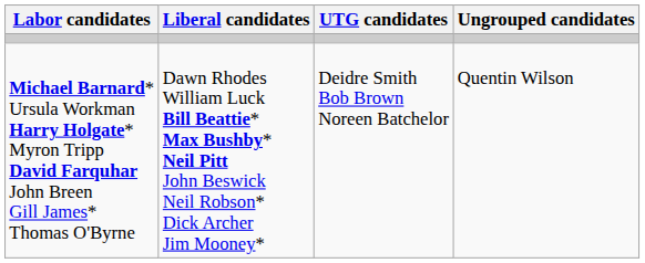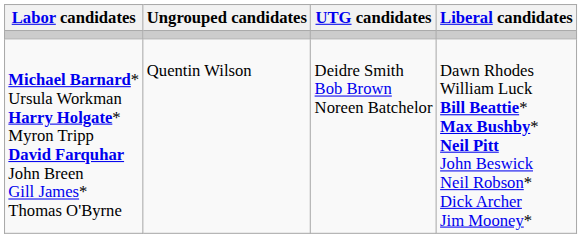 <table class="wikitable">
 <tr>
 <th><a href='#'>Labor</a> candidates</th>
+<th>Ungrouped candidates</th>
+<th><a href='#'>UTG</a> candidates</th>
 <th><a href='#'>Liberal</a> candidates</th>
-<th><a href='#'>UTG</a> candidates</th>
-<th>Ungrouped candidates</th>
 </tr>
 <tr bgcolor="#cccccc">
 <td></td>
 <td></td>
 <td></td>
 <td></td>
 </tr>
 <tr>
 <td><br><strong><a href='#'>Michael Barnard</a></strong>*<br> Ursula Workman<br> <strong><a href='#'>Harry Holgate</a></strong>*<br> Myron Tripp<br> <strong><a href='#'>David Farquhar</a></strong><br> John Breen<br> <a href='#'>Gill James</a>*<br> Thomas O'Byrne</td>
+<td valign=top><br>Quentin Wilson</td>
+<td valign=top><br>Deidre Smith<br> <a href='#'>Bob Brown</a><br> Noreen Batchelor</td>
 <td><br>Dawn Rhodes<br> William Luck<br> <strong><a href='#'>Bill Beattie</a></strong>*<br> <strong><a href='#'>Max Bushby</a></strong>*<br> <strong><a href='#'>Neil Pitt</a></strong><br> <a href='#'>John Beswick</a><br> <a href='#'>Neil Robson</a>*<br> <a href='#'>Dick Archer</a><br> <a href='#'>Jim Mooney</a>*</td>
-<td valign=top><br>Deidre Smith<br> <a href='#'>Bob Brown</a><br> Noreen Batchelor</td>
-<td valign=top><br>Quentin Wilson</td>
 </tr>
 </table>
